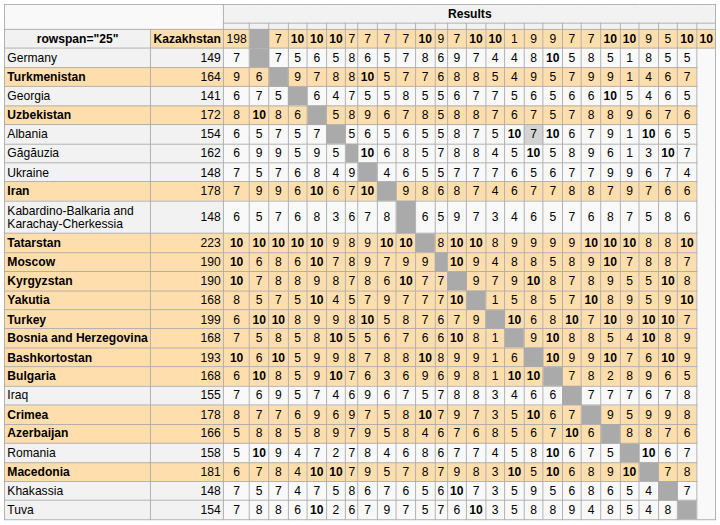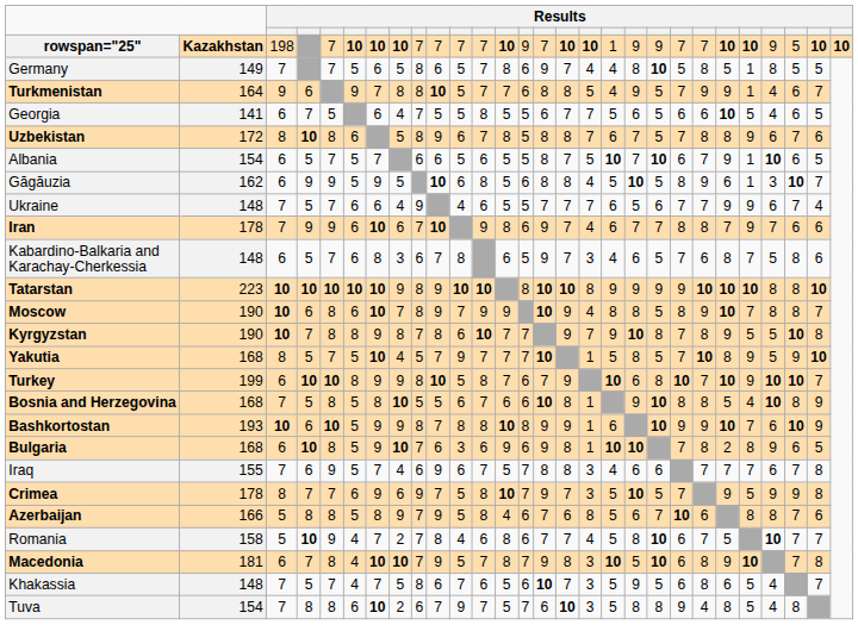 <table class="wikitable" border="1" style="text-align:center;font-size:85%;">
 <tr>
 <td colspan="2" rowspan="2"></td>
 <th colspan="26">Results</th>
 </tr>
 <tr>
 <th></th>
 <th></th>
 <th></th>
 <th></th>
 <th></th>
 <th></th>
 <th></th>
 <th></th>
 <th></th>
 <th></th>
 <th></th>
 <th></th>
 <th></th>
 <th></th>
 <th></th>
 <th></th>
 <th></th>
 <th></th>
 <th></th>
 <th></th>
 <th></th>
 <th></th>
 <th></th>
 <th></th>
 <th></th>
 <th></th>
 </tr>
 <tr style="background:#ffdead;">
 <th>rowspan="25" </th>
 <td style="text-align:left; background:#ffdead;"><strong>Kazakhstan</strong></td>
 <td style="text-align:right; background:#ffdead;">198</td>
 <td style="text-align:left; background:#aaaaaa;"></td>
 <td>7</td>
 <td><strong>10</strong></td>
 <td><strong>10</strong></td>
 <td><strong>10</strong></td>
 <td>7</td>
 <td>7</td>
 <td>7</td>
 <td>7</td>
 <td><strong>10</strong></td>
 <td>9</td>
 <td>7</td>
 <td><strong>10</strong></td>
 <td><strong>10</strong></td>
 <td>1</td>
 <td>9</td>
 <td>9</td>
 <td>7</td>
 <td>7</td>
 <td><strong>10</strong></td>
 <td><strong>10</strong></td>
 <td>9</td>
 <td>5</td>
 <td><strong>10</strong></td>
 <td><strong>10</strong></td>
 </tr>
 <tr>
 <td style="text-align:left; background:#f2f2f2;">Germany</td>
 <td style="text-align:right; background:#f2f2f2;">149</td>
 <td>7</td>
 <td style="text-align:left; background:#aaaaaa;"></td>
 <td>7</td>
 <td>5</td>
 <td>6</td>
 <td>5</td>
 <td>8</td>
 <td>6</td>
 <td>5</td>
 <td>7</td>
 <td>8</td>
 <td>6</td>
 <td>9</td>
 <td>7</td>
 <td>4</td>
 <td>4</td>
 <td>8</td>
 <td><strong>10</strong></td>
 <td>5</td>
 <td>8</td>
 <td>5</td>
 <td>1</td>
 <td>8</td>
 <td>5</td>
 <td>5</td>
 </tr>
 <tr style="background:#ffdead;">
 <td style="text-align:left; background:#ffdead;"><strong>Turkmenistan</strong></td>
 <td style="text-align:right; background:#ffdead;">164</td>
 <td>9</td>
 <td>6</td>
 <td style="text-align:left; background:#aaaaaa;"></td>
 <td>9</td>
 <td>7</td>
 <td>8</td>
 <td>8</td>
 <td><strong>10</strong></td>
 <td>5</td>
 <td>7</td>
 <td>7</td>
 <td>6</td>
 <td>8</td>
 <td>8</td>
 <td>5</td>
 <td>4</td>
 <td>9</td>
 <td>5</td>
 <td>7</td>
 <td>9</td>
 <td>9</td>
 <td>1</td>
 <td>4</td>
 <td>6</td>
 <td>7</td>
 </tr>
 <tr>
 <td style="text-align:left; background:#f2f2f2;">Georgia</td>
 <td style="text-align:right; background:#f2f2f2;">141</td>
 <td>6</td>
 <td>7</td>
 <td>5</td>
 <td style="text-align:left; background:#aaaaaa;"></td>
 <td>6</td>
 <td>4</td>
 <td>7</td>
 <td>5</td>
 <td>5</td>
 <td>8</td>
 <td>5</td>
 <td>5</td>
 <td>6</td>
 <td>7</td>
 <td>7</td>
 <td>5</td>
 <td>6</td>
 <td>5</td>
 <td>6</td>
 <td>6</td>
 <td><strong>10</strong></td>
 <td>5</td>
 <td>4</td>
 <td>6</td>
 <td>5</td>
 </tr>
 <tr style="background:#ffdead;">
 <td style="text-align:left; background:#ffdead;"><strong>Uzbekistan</strong></td>
 <td style="text-align:right; background:#ffdead;">172</td>
 <td>8</td>
 <td><strong>10</strong></td>
 <td>8</td>
 <td>6</td>
 <td style="text-align:left; background:#aaaaaa;"></td>
 <td>5</td>
 <td>8</td>
 <td>9</td>
 <td>6</td>
 <td>7</td>
 <td>8</td>
 <td>5</td>
 <td>8</td>
 <td>8</td>
 <td>7</td>
 <td>6</td>
 <td>7</td>
 <td>5</td>
 <td>7</td>
 <td>8</td>
 <td>8</td>
 <td>9</td>
 <td>6</td>
 <td>7</td>
 <td>6</td>
 </tr>
 <tr>
 <td style="text-align:left; background:#f2f2f2;">Albania</td>
 <td style="text-align:right; background:#f2f2f2;">154</td>
 <td>6</td>
 <td>5</td>
 <td>7</td>
 <td>5</td>
 <td>7</td>
 <td style="text-align:left; background:#aaaaaa;"></td>
-<td>5</td>
+<td>6</td>
 <td>6</td>
 <td>5</td>
 <td>6</td>
 <td>5</td>
 <td>5</td>
 <td>8</td>
 <td>7</td>
 <td>5</td>
 <td><strong>10</strong></td>
-<td style="background: lightgrey;">7</td>
+<td>7</td>
 <td><strong>10</strong></td>
 <td>6</td>
 <td>7</td>
 <td>9</td>
 <td>1</td>
 <td><strong>10</strong></td>
 <td>6</td>
 <td>5</td>
 </tr>
 <tr>
 <td style="text-align:left; background:#f2f2f2;">Găgăuzia</td>
 <td style="text-align:right; background:#f2f2f2;">162</td>
 <td>6</td>
 <td>9</td>
 <td>9</td>
 <td>5</td>
 <td>9</td>
 <td>5</td>
 <td style="text-align:left; background:#aaaaaa;"></td>
 <td><strong>10</strong></td>
 <td>6</td>
 <td>8</td>
 <td>5</td>
-<td>7</td>
+<td>6</td>
 <td>8</td>
 <td>8</td>
 <td>4</td>
 <td>5</td>
 <td><strong>10</strong></td>
 <td>5</td>
 <td>8</td>
 <td>9</td>
 <td>6</td>
 <td>1</td>
 <td>3</td>
 <td><strong>10</strong></td>
 <td>7</td>
 </tr>
 <tr>
 <td style="text-align:left; background:#f2f2f2;">Ukraine</td>
 <td style="text-align:right; background:#f2f2f2;">148</td>
 <td>7</td>
 <td>5</td>
 <td>7</td>
 <td>6</td>
-<td>8</td>
+<td>6</td>
 <td>4</td>
 <td>9</td>
 <td style="text-align:left; background:#aaaaaa;"></td>
 <td>4</td>
 <td>6</td>
 <td>5</td>
 <td>5</td>
 <td>7</td>
 <td>7</td>
 <td>7</td>
 <td>6</td>
 <td>5</td>
 <td>6</td>
 <td>7</td>
 <td>7</td>
 <td>9</td>
 <td>9</td>
 <td>6</td>
 <td>7</td>
 <td>4</td>
 </tr>
 <tr style="background:#ffdead;">
 <td style="text-align:left; background:#ffdead;"><strong>Iran</strong></td>
 <td style="text-align:right; background:#ffdead;">178</td>
 <td>7</td>
 <td>9</td>
 <td>9</td>
 <td>6</td>
 <td><strong>10</strong></td>
 <td>6</td>
 <td>7</td>
 <td><strong>10</strong></td>
 <td style="text-align:left; background:#aaaaaa;"></td>
 <td>9</td>
 <td>8</td>
 <td>6</td>
-<td>8</td>
+<td>9</td>
 <td>7</td>
 <td>4</td>
 <td>6</td>
 <td>7</td>
 <td>7</td>
 <td>8</td>
 <td>8</td>
 <td>7</td>
 <td>9</td>
 <td>7</td>
 <td>6</td>
 <td>6</td>
 </tr>
 <tr>
 <td style="text-align:left; background:#f2f2f2;">Kabardino-Balkaria and<br>Karachay-Cherkessia</td>
 <td style="text-align:right; background:#f2f2f2;">148</td>
 <td>6</td>
 <td>5</td>
 <td>7</td>
 <td>6</td>
 <td>8</td>
 <td>3</td>
 <td>6</td>
 <td>7</td>
 <td>8</td>
 <td style="text-align:left; background:#aaaaaa;"></td>
 <td>6</td>
 <td>5</td>
 <td>9</td>
 <td>7</td>
 <td>3</td>
 <td>4</td>
 <td>6</td>
 <td>5</td>
 <td>7</td>
 <td>6</td>
 <td>8</td>
 <td>7</td>
 <td>5</td>
 <td>8</td>
 <td>6</td>
 </tr>
 <tr style="background:#ffdead;">
 <td style="text-align:left; background:#ffdead;"><strong>Tatarstan</strong></td>
 <td style="text-align:right; background:#ffdead;">223</td>
 <td><strong>10</strong></td>
 <td><strong>10</strong></td>
 <td><strong>10</strong></td>
 <td><strong>10</strong></td>
 <td><strong>10</strong></td>
 <td>9</td>
 <td>8</td>
 <td>9</td>
 <td><strong>10</strong></td>
 <td><strong>10</strong></td>
 <td style="text-align:left; background:#aaaaaa;"></td>
 <td>8</td>
 <td><strong>10</strong></td>
 <td><strong>10</strong></td>
 <td>8</td>
 <td>9</td>
 <td>9</td>
 <td>9</td>
 <td>9</td>
 <td><strong>10</strong></td>
 <td><strong>10</strong></td>
 <td><strong>10</strong></td>
 <td>8</td>
 <td>8</td>
 <td><strong>10</strong></td>
 </tr>
 <tr style="background:#ffdead;">
 <td style="text-align:left; background:#ffdead;"><strong>Moscow</strong></td>
 <td style="text-align:right; background:#ffdead;">190</td>
 <td><strong>10</strong></td>
 <td>6</td>
 <td>8</td>
 <td>6</td>
 <td><strong>10</strong></td>
 <td>7</td>
 <td>8</td>
 <td>9</td>
 <td>7</td>
 <td>9</td>
 <td>9</td>
 <td style="text-align:left; background:#aaaaaa;"></td>
 <td><strong>10</strong></td>
 <td>9</td>
 <td>4</td>
 <td>8</td>
 <td>8</td>
 <td>5</td>
 <td>8</td>
 <td>9</td>
 <td><strong>10</strong></td>
 <td>7</td>
 <td>8</td>
 <td>8</td>
 <td>7</td>
 </tr>
 <tr style="background:#ffdead;">
 <td style="text-align:left; background:#ffdead;"><strong>Kyrgyzstan</strong></td>
 <td style="text-align:right; background:#ffdead;">190</td>
 <td><strong>10</strong></td>
 <td>7</td>
 <td>8</td>
 <td>8</td>
 <td>9</td>
 <td>8</td>
 <td>7</td>
 <td>8</td>
 <td>6</td>
 <td><strong>10</strong></td>
 <td>7</td>
 <td>7</td>
 <td style="text-align:left; background:#aaaaaa;"></td>
 <td>9</td>
 <td>7</td>
 <td>9</td>
 <td><strong>10</strong></td>
 <td>8</td>
 <td>7</td>
 <td>8</td>
 <td>9</td>
 <td>5</td>
 <td>5</td>
 <td><strong>10</strong></td>
 <td>8</td>
 </tr>
 <tr style="background:#ffdead;">
 <td style="text-align:left; background:#ffdead;"><strong>Yakutia</strong></td>
 <td style="text-align:right; background:#ffdead;">168</td>
 <td>8</td>
 <td>5</td>
 <td>7</td>
 <td>5</td>
 <td><strong>10</strong></td>
 <td>4</td>
 <td>5</td>
 <td>7</td>
 <td>9</td>
 <td>7</td>
 <td>7</td>
 <td>7</td>
 <td><strong>10</strong></td>
 <td style="text-align:left; background:#aaaaaa;"></td>
 <td>1</td>
 <td>5</td>
 <td>8</td>
 <td>5</td>
 <td>7</td>
 <td><strong>10</strong></td>
 <td>8</td>
 <td>9</td>
 <td>5</td>
 <td>9</td>
 <td><strong>10</strong></td>
 </tr>
 <tr style="background:#ffdead;">
 <td style="text-align:left; background:#ffdead;"><strong>Turkey</strong></td>
 <td style="text-align:right; background:#ffdead;">199</td>
 <td>6</td>
 <td><strong>10</strong></td>
 <td><strong>10</strong></td>
 <td>8</td>
 <td>9</td>
 <td>9</td>
 <td>8</td>
 <td><strong>10</strong></td>
 <td>5</td>
 <td>8</td>
 <td>7</td>
 <td>6</td>
 <td>7</td>
 <td>9</td>
 <td style="text-align:left; background:#aaaaaa;"></td>
 <td><strong>10</strong></td>
 <td>6</td>
 <td>8</td>
 <td><strong>10</strong></td>
 <td>7</td>
 <td><strong>10</strong></td>
 <td>9</td>
 <td><strong>10</strong></td>
 <td><strong>10</strong></td>
 <td>7</td>
 </tr>
 <tr style="background:#ffdead;">
 <td style="text-align:left; background:#ffdead;"><strong>Bosnia and Herzegovina</strong></td>
 <td style="text-align:right; background:#ffdead;">168</td>
 <td>7</td>
 <td>5</td>
 <td>8</td>
 <td>5</td>
 <td>8</td>
 <td><strong>10</strong></td>
 <td>5</td>
 <td>5</td>
 <td>6</td>
 <td>7</td>
 <td>6</td>
 <td>6</td>
 <td><strong>10</strong></td>
 <td>8</td>
 <td>1</td>
 <td style="text-align:left; background:#aaaaaa;"></td>
 <td>9</td>
 <td><strong>10</strong></td>
 <td>8</td>
 <td>8</td>
 <td>5</td>
 <td>4</td>
 <td><strong>10</strong></td>
 <td>8</td>
 <td>9</td>
 </tr>
 <tr style="background:#ffdead;">
 <td style="text-align:left; background:#ffdead;"><strong>Bashkortostan</strong></td>
 <td style="text-align:right; background:#ffdead;">193</td>
 <td><strong>10</strong></td>
 <td>6</td>
 <td><strong>10</strong></td>
 <td>5</td>
 <td>9</td>
 <td>9</td>
 <td>8</td>
 <td>7</td>
 <td>8</td>
 <td>8</td>
 <td><strong>10</strong></td>
 <td>8</td>
 <td>9</td>
 <td>9</td>
 <td>1</td>
 <td>6</td>
 <td style="text-align:left; background:#aaaaaa;"></td>
 <td><strong>10</strong></td>
 <td>9</td>
 <td>9</td>
 <td><strong>10</strong></td>
 <td>7</td>
 <td>6</td>
 <td><strong>10</strong></td>
 <td>9</td>
 </tr>
 <tr style="background:#ffdead;">
 <td style="text-align:left; background:#ffdead;"><strong>Bulgaria</strong></td>
 <td style="text-align:right; background:#ffdead;">168</td>
 <td>6</td>
 <td><strong>10</strong></td>
 <td>8</td>
 <td>5</td>
 <td>9</td>
 <td><strong>10</strong></td>
 <td>7</td>
 <td>6</td>
 <td>3</td>
 <td>6</td>
 <td>9</td>
 <td>6</td>
 <td>9</td>
 <td>8</td>
 <td>1</td>
 <td><strong>10</strong></td>
 <td><strong>10</strong></td>
 <td style="text-align:left; background:#aaaaaa;"></td>
 <td>7</td>
 <td>8</td>
 <td>2</td>
 <td>8</td>
 <td>9</td>
 <td>6</td>
 <td>5</td>
 </tr>
 <tr>
 <td style="text-align:left; background:#f2f2f2;">Iraq</td>
 <td style="text-align:right; background:#f2f2f2;">155</td>
 <td>7</td>
 <td>6</td>
 <td>9</td>
 <td>5</td>
 <td>7</td>
 <td>4</td>
 <td>6</td>
 <td>9</td>
 <td>6</td>
 <td>7</td>
 <td>5</td>
 <td>7</td>
 <td>8</td>
 <td>8</td>
 <td>3</td>
 <td>4</td>
 <td>6</td>
 <td>6</td>
 <td style="text-align:left; background:#aaaaaa;"></td>
 <td>7</td>
 <td>7</td>
 <td>7</td>
 <td>6</td>
 <td>7</td>
 <td>8</td>
 </tr>
 <tr style="background:#ffdead;">
 <td style="text-align:left; background:#ffdead;"><strong>Crimea</strong></td>
 <td style="text-align:right; background:#ffdead;">178</td>
 <td>8</td>
 <td>7</td>
 <td>7</td>
 <td>6</td>
 <td>9</td>
 <td>6</td>
 <td>9</td>
 <td>7</td>
 <td>5</td>
 <td>8</td>
 <td><strong>10</strong></td>
 <td>7</td>
 <td>9</td>
 <td>7</td>
 <td>3</td>
 <td>5</td>
 <td><strong>10</strong></td>
-<td>6</td>
+<td>5</td>
 <td>7</td>
 <td style="text-align:left; background:#aaaaaa;"></td>
 <td>9</td>
 <td>5</td>
 <td>9</td>
 <td>9</td>
 <td>8</td>
 </tr>
 <tr style="background:#ffdead;">
 <td style="text-align:left; background:#ffdead;"><strong>Azerbaijan</strong></td>
 <td style="text-align:right; background:#ffdead;">166</td>
 <td>5</td>
 <td>8</td>
 <td>8</td>
 <td>5</td>
 <td>8</td>
 <td>9</td>
 <td>7</td>
 <td>9</td>
 <td>5</td>
 <td>8</td>
 <td>4</td>
 <td>6</td>
 <td>7</td>
 <td>6</td>
 <td>8</td>
 <td>5</td>
 <td>6</td>
 <td>7</td>
 <td><strong>10</strong></td>
 <td>6</td>
 <td style="text-align:left; background:#aaaaaa;"></td>
 <td>8</td>
 <td>8</td>
 <td>7</td>
 <td>6</td>
 </tr>
 <tr>
 <td style="text-align:left; background:#f2f2f2;">Romania</td>
 <td style="text-align:right; background:#f2f2f2;">158</td>
 <td>5</td>
 <td><strong>10</strong></td>
 <td>9</td>
 <td>4</td>
 <td>7</td>
 <td>2</td>
 <td>7</td>
 <td>8</td>
 <td>4</td>
 <td>6</td>
 <td>8</td>
 <td>6</td>
 <td>7</td>
 <td>7</td>
 <td>4</td>
 <td>5</td>
 <td>8</td>
 <td><strong>10</strong></td>
 <td>6</td>
 <td>7</td>
 <td>5</td>
 <td style="text-align:left; background:#aaaaaa;"></td>
 <td><strong>10</strong></td>
-<td>6</td>
+<td>7</td>
 <td>7</td>
 </tr>
 <tr style="background:#ffdead;">
 <td style="text-align:left; background:#ffdead;"><strong>Macedonia</strong></td>
 <td style="text-align:right; background:#ffdead;">181</td>
 <td>6</td>
 <td>7</td>
 <td>8</td>
 <td>4</td>
 <td><strong>10</strong></td>
 <td><strong>10</strong></td>
 <td>7</td>
 <td>9</td>
 <td>5</td>
 <td>7</td>
 <td>8</td>
 <td>7</td>
 <td>9</td>
 <td>8</td>
 <td>3</td>
 <td><strong>10</strong></td>
 <td>5</td>
 <td><strong>10</strong></td>
 <td>6</td>
 <td>8</td>
 <td>9</td>
 <td><strong>10</strong></td>
 <td style="text-align:left; background:#aaaaaa;"></td>
 <td>7</td>
 <td>8</td>
 </tr>
 <tr>
 <td style="text-align:left; background:#f2f2f2;">Khakassia</td>
 <td style="text-align:right; background:#f2f2f2;">148</td>
 <td>7</td>
 <td>5</td>
 <td>7</td>
 <td>4</td>
 <td>7</td>
 <td>5</td>
 <td>8</td>
 <td>6</td>
 <td>7</td>
 <td>6</td>
 <td>5</td>
 <td>6</td>
 <td><strong>10</strong></td>
 <td>7</td>
 <td>3</td>
 <td>5</td>
 <td>9</td>
 <td>5</td>
 <td>6</td>
 <td>8</td>
 <td>6</td>
 <td>5</td>
 <td>4</td>
 <td style="text-align:left; background:#aaaaaa;"></td>
 <td>7</td>
 </tr>
 <tr>
 <td style="text-align:left; background:#f2f2f2;">Tuva</td>
 <td style="text-align:right; background:#f2f2f2;">154</td>
 <td>7</td>
 <td>8</td>
 <td>8</td>
 <td>6</td>
 <td><strong>10</strong></td>
 <td>2</td>
 <td>6</td>
 <td>7</td>
 <td>9</td>
 <td>7</td>
 <td>5</td>
 <td>7</td>
 <td>6</td>
 <td><strong>10</strong></td>
 <td>3</td>
 <td>5</td>
 <td>8</td>
 <td>8</td>
 <td>9</td>
 <td>4</td>
 <td>8</td>
 <td>5</td>
 <td>4</td>
 <td>8</td>
 <td style="text-align:left; background:#aaaaaa;"></td>
 </tr>
 </table>
